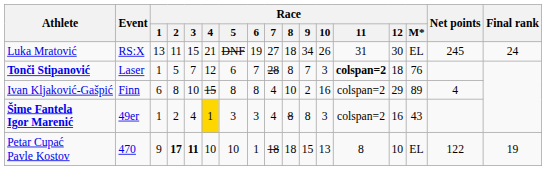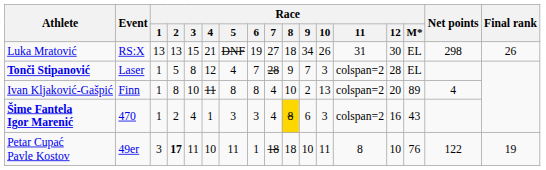 <table class="wikitable" style="font-size:90%">
 <tr>
 <th rowspan="2">Athlete</th>
 <th rowspan="2">Event</th>
 <th colspan=13>Race</th>
 <th rowspan=2>Net points</th>
 <th rowspan=2>Final rank</th>
 </tr>
 <tr style="font-size:95%">
 <th>1</th>
 <th>2</th>
 <th>3</th>
 <th>4</th>
 <th>5</th>
 <th>6</th>
 <th>7</th>
 <th>8</th>
 <th>9</th>
 <th>10</th>
 <th>11</th>
 <th>12</th>
 <th>M*</th>
 </tr>
 <tr align=center>
 <td align=left><a href='#'>Luka Mratović</a></td>
 <td align=left><a href='#'>RS:X</a></td>
 <td>13</td>
-<td>11</td>
+<td>13</td>
 <td>15</td>
 <td>21</td>
 <td><s>DNF</s></td>
 <td>19</td>
 <td>27</td>
 <td>18</td>
 <td>34</td>
 <td>26</td>
 <td>31</td>
 <td>30</td>
 <td>EL</td>
-<td>245</td>
-<td>24</td>
+<td>298</td>
+<td>26</td>
 </tr>
 <tr align=center>
 <td align=left><strong><a href='#'>Tonči Stipanović</a></strong></td>
 <td align=left><a href='#'>Laser</a></td>
 <td>1</td>
 <td>5</td>
-<td>7</td>
+<td>8</td>
 <td>12</td>
-<td>6</td>
+<td>4</td>
 <td>7</td>
 <td><s>28</s></td>
-<td>8</td>
+<td>9</td>
 <td>7</td>
 <td>3</td>
-<td><strong>colspan=2 </strong></td>
-<td>18</td>
-<td>76</td>
+<td>colspan=2 </td>
+<td>28</td>
+<td>EL</td>
 <td></td>
 </tr>
 <tr align=center>
 <td align=left><a href='#'>Ivan Kljaković-Gašpić</a></td>
 <td align=left><a href='#'>Finn</a></td>
-<td>6</td>
+<td>1</td>
 <td>8</td>
 <td>10</td>
-<td><s>15</s></td>
+<td><s>11</s></td>
 <td>8</td>
 <td>8</td>
 <td>4</td>
 <td>10</td>
 <td>2</td>
-<td>16</td>
+<td>13</td>
 <td>colspan=2 </td>
-<td>29</td>
+<td>20</td>
 <td>89</td>
 <td>4</td>
 </tr>
 <tr align=center>
 <td align=left><strong><a href='#'>Šime Fantela</a></strong><br><strong><a href='#'>Igor Marenić</a></strong></td>
-<td align=left><a href='#'>49er</a></td>
+<td align=left><a href='#'>470</a></td>
 <td>1</td>
 <td>2</td>
 <td>4</td>
-<td style="background: gold;">1</td>
+<td>1</td>
 <td>3</td>
 <td>3</td>
 <td>4</td>
-<td><s>8</s></td>
-<td>8</td>
+<td style="background: gold;"><s>8</s></td>
+<td>6</td>
 <td>3</td>
 <td>colspan=2 </td>
 <td>16</td>
 <td>43</td>
 <td></td>
 </tr>
 <tr align=center>
 <td align=left><a href='#'>Petar Cupać</a><br><a href='#'>Pavle Kostov</a></td>
-<td align=left><a href='#'>470</a></td>
-<td>9</td>
+<td align=left><a href='#'>49er</a></td>
+<td>3</td>
 <td><strong>17</strong></td>
-<td><strong>11</strong></td>
+<td>11</td>
 <td>10</td>
-<td>10</td>
+<td>11</td>
 <td>1</td>
 <td><s>18</s></td>
 <td>18</td>
-<td>15</td>
-<td>13</td>
+<td>10</td>
+<td>11</td>
 <td>8</td>
 <td>10</td>
-<td>EL</td>
+<td>76</td>
 <td>122</td>
 <td>19</td>
 </tr>
 </table>
